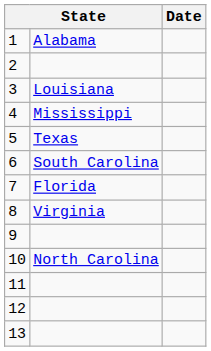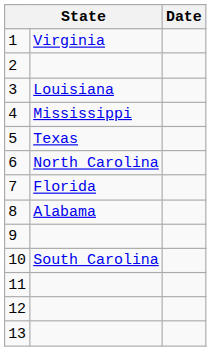 <table class="sortable wikitable" style="align:left">
 <tr>
 <th colspan=2>State</th>
 <th>Date<br></th>
 </tr>
 <tr>
 <td data-sort-value="Alabama">1</td>
-<td> <a href='#'>Alabama</a></td>
+<td> <a href='#'>Virginia</a></td>
 <td><br></td>
 </tr>
 <tr>
 <td data-sort-value="Georgia">2</td>
 <td></td>
 <td><br></td>
 </tr>
 <tr>
 <td data-sort-value="Louisiana">3</td>
 <td> <a href='#'>Louisiana</a></td>
 <td><br></td>
 </tr>
 <tr>
 <td data-sort-value="Texas">4</td>
 <td> <a href='#'>Mississippi</a></td>
 <td><br></td>
 </tr>
 <tr>
 <td data-sort-value="Mississippi">5</td>
 <td> <a href='#'>Texas</a></td>
 <td><br></td>
 </tr>
 <tr>
 <td data-sort-value="South Carolina">6</td>
-<td> <a href='#'>South Carolina</a></td>
+<td> <a href='#'>North Carolina</a></td>
 <td><br></td>
 </tr>
 <tr>
 <td data-sort-value="Florida">7</td>
 <td> <a href='#'>Florida</a></td>
 <td><br></td>
 </tr>
 <tr>
 <td data-sort-value="Virginia">8</td>
-<td> <a href='#'>Virginia</a></td>
+<td> <a href='#'>Alabama</a></td>
 <td><br></td>
 </tr>
 <tr>
 <td data-sort-value="Arkansas">9</td>
 <td></td>
 <td><br></td>
 </tr>
 <tr>
 <td data-sort-value="North Carolina">10</td>
-<td> <a href='#'>North Carolina</a></td>
+<td> <a href='#'>South Carolina</a></td>
 <td><br></td>
 </tr>
 <tr>
 <td data-sort-value="Tennessee">11</td>
 <td></td>
 <td><br></td>
 </tr>
 <tr>
 <td data-sort-value="Missouri">12</td>
 <td></td>
 <td><br></td>
 </tr>
 <tr>
 <td data-sort-value="Kentucky">13</td>
 <td></td>
 <td><br></td>
 </tr>
 </table>
